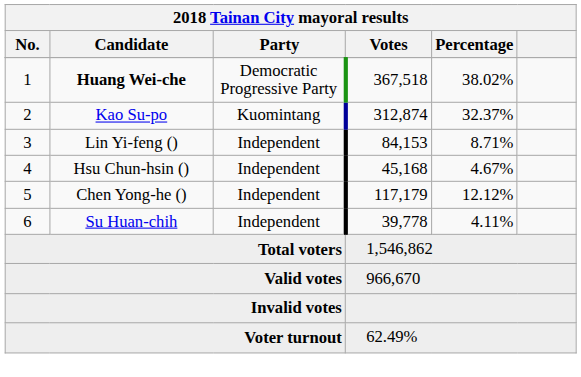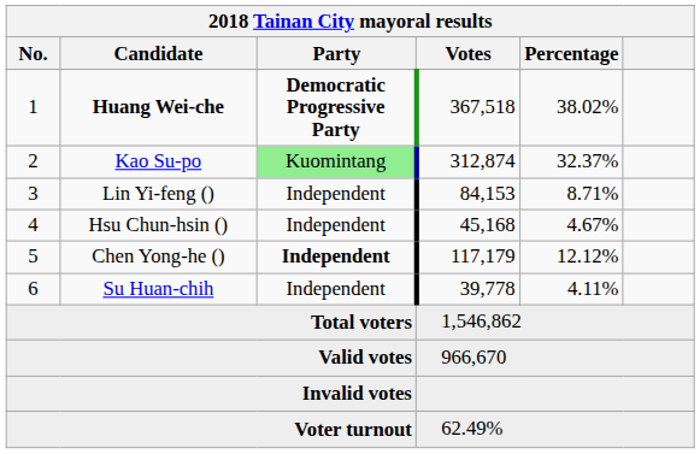 <table class="wikitable collapsible" style="margin:1em auto; text-align:center">
 <tr>
 <th colspan="6">2018 <a href='#'>Tainan City</a> mayoral results</th>
 </tr>
 <tr>
 <th width=35>No.</th>
 <th width=150>Candidate</th>
 <th width=120>Party</th>
 <th width=75>Votes</th>
 <th width=75>Percentage</th>
 <th width=49></th>
 </tr>
 <tr>
 </tr>
 <tr>
 <td>1</td>
 <td><strong>Huang Wei-che</strong></td>
-<td>Democratic Progressive Party</td>
+<td><strong>Democratic Progressive Party</strong></td>
 <td style="border-left:4px solid #1B9413;" align="right">367,518</td>
 <td align="right">38.02%</td>
 <td align="center"></td>
 </tr>
 <tr>
 <td>2</td>
 <td><a href='#'>Kao Su-po</a></td>
-<td> Kuomintang</td>
+<td style="background: lightgreen;"> Kuomintang</td>
 <td style="border-left:4px solid #000099;" align="right">312,874</td>
 <td align="right">32.37%</td>
 <td align="center"></td>
 </tr>
 <tr>
 <td>3</td>
 <td>Lin Yi-feng ()</td>
 <td> Independent</td>
 <td style="border-left:4px solid #000000;" align="right">84,153</td>
 <td align="right">8.71%</td>
 <td align="center"></td>
 </tr>
 <tr>
 <td>4</td>
 <td>Hsu Chun-hsin ()</td>
 <td> Independent</td>
 <td style="border-left:4px solid #000000;" align="right">45,168</td>
 <td align="right">4.67%</td>
 <td align="center"></td>
 </tr>
 <tr>
 <td>5</td>
 <td>Chen Yong-he ()</td>
-<td> Independent</td>
+<td><strong> Independent</strong></td>
 <td style="border-left:4px solid #000000;" align="right">117,179</td>
 <td align="right">12.12%</td>
 <td align="center"></td>
 </tr>
 <tr>
 <td>6</td>
 <td><a href='#'>Su Huan-chih</a></td>
 <td> Independent</td>
 <td style="border-left:4px solid #000000;" align="right">39,778</td>
 <td align="right">4.11%</td>
 <td align="center"></td>
 </tr>
 <tr bgcolor=EEEEEE>
 <td colspan="3" align="right"><strong>Total voters</strong></td>
 <td colspan="3" align="left">　1,546,862</td>
 </tr>
 <tr bgcolor=EEEEEE>
 <td colspan="3" align="right"><strong>Valid votes</strong></td>
 <td colspan="3" align="left">　966,670</td>
 </tr>
 <tr bgcolor=EEEEEE>
 <td colspan="3" align="right"><strong>Invalid votes</strong></td>
 <td colspan="3" align="left">　</td>
 </tr>
 <tr bgcolor=EEEEEE>
 <td colspan="3" align="right"><strong>Voter turnout</strong></td>
 <td colspan="3" align="left">　62.49%</td>
 </tr>
 </table>
